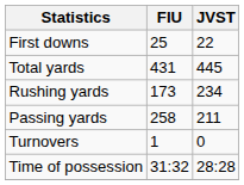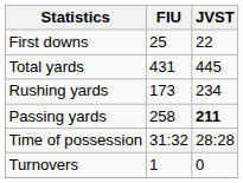 <table class="wikitable" style="float: left;">
 <tr>
 <th>Statistics</th>
 <th>FIU</th>
 <th>JVST</th>
 </tr>
 <tr>
 <td>First downs</td>
 <td>25</td>
 <td>22</td>
 </tr>
 <tr>
 <td>Total yards</td>
 <td>431</td>
 <td>445</td>
 </tr>
 <tr>
 <td>Rushing yards</td>
 <td>173</td>
 <td>234</td>
 </tr>
 <tr>
 <td>Passing yards</td>
 <td>258</td>
-<td>211</td>
+<td><strong>211</strong></td>
+</tr>
+<tr>
+<td>Time of possession</td>
+<td>31:32</td>
+<td>28:28</td>
 </tr>
 <tr>
 <td>Turnovers</td>
 <td>1</td>
 <td>0</td>
 </tr>
 <tr>
-<td>Time of possession</td>
-<td>31:32</td>
-<td>28:28</td>
-</tr>
-<tr>
 </tr>
 </table>
